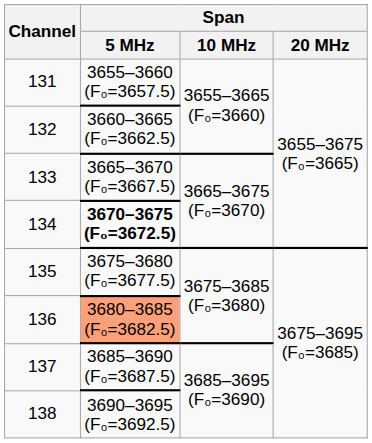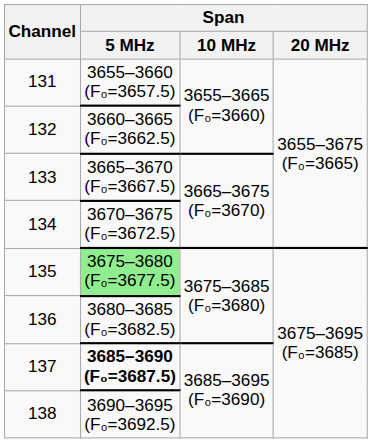 <table class="wikitable sortable sticky-header-multi" style="text-align: center; border-style: collapse">
 <tr>
 <th scope="col" rowspan=2>Channel</th>
 <th scope="colgroup" colspan=3>Span</th>
 </tr>
 <tr>
 <th scope="col">5 MHz</th>
 <th scope="col">10 MHz</th>
 <th scope="col">20 MHz</th>
 </tr>
 <tr>
 <td>131</td>
 <td>3655–3660<br>(F₀=3657.5) </td>
 <td rowspan=2>3655–3665<br>(F₀=3660) </td>
 <td rowspan=4>3655–3675<br>(F₀=3665) </td>
 </tr>
 <tr>
 <td>132</td>
 <td style="border-top:2.5px solid;">3660–3665<br>(F₀=3662.5) </td>
 </tr>
 <tr>
 <td>133</td>
 <td style="border-top:2.5px solid;">3665–3670<br>(F₀=3667.5) </td>
 <td style="border-top:2.5px solid" rowspan=2>3665–3675<br>(F₀=3670) </td>
 </tr>
 <tr>
 <td>134</td>
-<td style="border-top:2.5px solid;"><strong>3670–3675<br>(F₀=3672.5) </strong></td>
+<td style="border-top:2.5px solid;">3670–3675<br>(F₀=3672.5) </td>
 </tr>
 <tr>
 <td>135</td>
-<td style="border-top:2.5px solid;">3675–3680<br>(F₀=3677.5) </td>
+<td style="background: lightgreen; border-top:2.5px solid;">3675–3680<br>(F₀=3677.5) </td>
 <td style="border-top:2.5px solid;" rowspan=2>3675–3685<br>(F₀=3680) </td>
 <td style="border-top:2.5px solid;" rowspan=4>3675–3695<br>(F₀=3685) </td>
 </tr>
 <tr>
 <td>136</td>
-<td style="background: lightsalmon; border-top:2.5px solid;">3680–3685<br>(F₀=3682.5) </td>
+<td style="border-top:2.5px solid;">3680–3685<br>(F₀=3682.5) </td>
 </tr>
 <tr>
 <td>137</td>
-<td style="border-top:2.5px solid;">3685–3690<br>(F₀=3687.5) </td>
+<td style="border-top:2.5px solid;"><strong>3685–3690<br>(F₀=3687.5) </strong></td>
 <td style="border-top:2.5px solid;" rowspan=2>3685–3695<br>(F₀=3690) </td>
 </tr>
 <tr>
 <td>138</td>
 <td style="border-top:2.5px solid;">3690–3695<br>(F₀=3692.5) </td>
 </tr>
 </table>
